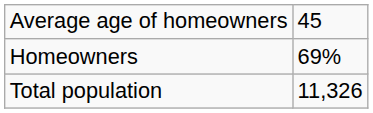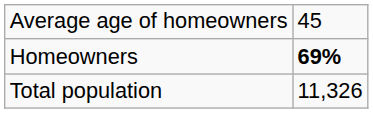 <table class="wikitable">
 <tr>
 <td>Average age of homeowners</td>
 <td>45</td>
 </tr>
 <tr>
 <td>Homeowners</td>
-<td>69%</td>
+<td><strong>69%</strong></td>
 </tr>
 <tr>
 <td>Total population</td>
 <td>11,326</td>
 </tr>
 </table>
